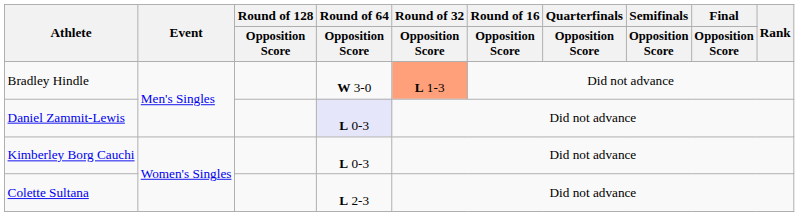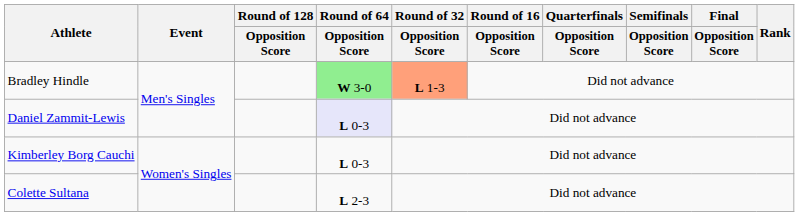 <table class=wikitable style="font-size:90%">
 <tr>
 <th rowspan="2">Athlete</th>
 <th rowspan="2">Event</th>
 <th>Round of 128</th>
 <th>Round of 64</th>
 <th>Round of 32</th>
 <th>Round of 16</th>
 <th>Quarterfinals</th>
 <th>Semifinals</th>
 <th>Final</th>
 <th rowspan=2>Rank</th>
 </tr>
 <tr style="font-size:95%">
 <th>Opposition<br>Score</th>
 <th>Opposition<br>Score</th>
 <th>Opposition<br>Score</th>
 <th>Opposition<br>Score</th>
 <th>Opposition<br>Score</th>
 <th>Opposition<br>Score</th>
 <th>Opposition<br>Score</th>
 </tr>
 <tr align=center>
 <td align=left>Bradley Hindle</td>
 <td align=left rowspan=2><a href='#'>Men's Singles</a></td>
 <td></td>
-<td><br><strong>W</strong> 3-0</td>
+<td style="background: lightgreen;"><br><strong>W</strong> 3-0</td>
 <td style="background: lightsalmon;"><br><strong>L</strong> 1-3</td>
 <td colspan=5>Did not advance</td>
 </tr>
 <tr align=center>
 <td align=left><a href='#'>Daniel Zammit-Lewis</a></td>
 <td></td>
 <td style="background: lavender;"><br><strong>L</strong> 0-3</td>
 <td colspan=6>Did not advance</td>
 </tr>
 <tr align=center>
 <td align=left><a href='#'>Kimberley Borg Cauchi</a></td>
 <td align=left rowspan=2><a href='#'>Women's Singles</a></td>
 <td></td>
 <td><br><strong>L</strong> 0-3</td>
 <td colspan=6>Did not advance</td>
 </tr>
 <tr align=center>
 <td align=left><a href='#'>Colette Sultana</a></td>
 <td></td>
 <td><br><strong>L</strong> 2-3</td>
 <td colspan=6>Did not advance</td>
 </tr>
 </table>
